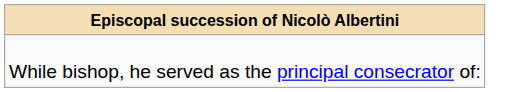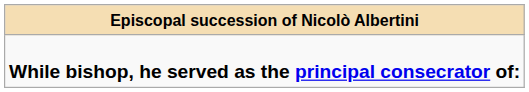 <table role="presentation" class="wikitable mw-collapsible mw-collapsed"|>
 <tr>
 <th style="background:#F5DEB3"><small>Episcopal succession of Nicolò Albertini</small></th>
 </tr>
 <tr>
-<td><br>While bishop, he served as the <a href='#'>principal consecrator</a> of: </td>
+<td><strong><br>While bishop, he served as the <a href='#'>principal consecrator</a> of: </strong></td>
 </tr>
 </table>
